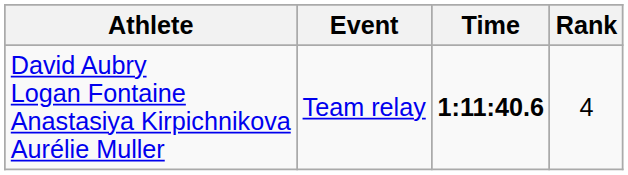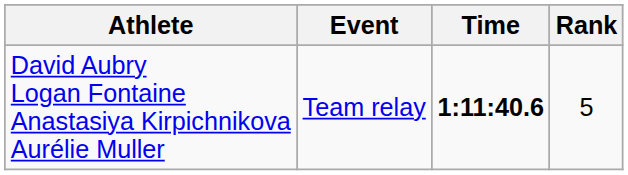 <table class="wikitable" style="text-align:center; font-size:90%;">
 <tr>
 <th>Athlete</th>
 <th>Event</th>
 <th>Time</th>
 <th>Rank</th>
 </tr>
 <tr>
 <td align=left><a href='#'>David Aubry</a><br> <a href='#'>Logan Fontaine</a><br> <a href='#'>Anastasiya Kirpichnikova</a><br> <a href='#'>Aurélie Muller</a></td>
 <td><a href='#'>Team relay</a></td>
 <td><strong>1:11:40.6</strong></td>
-<td>4</td>
+<td>5</td>
 </tr>
 </table>
